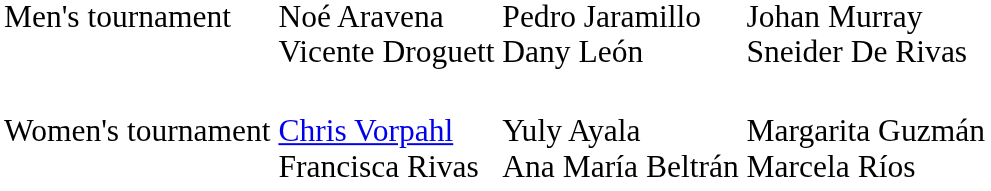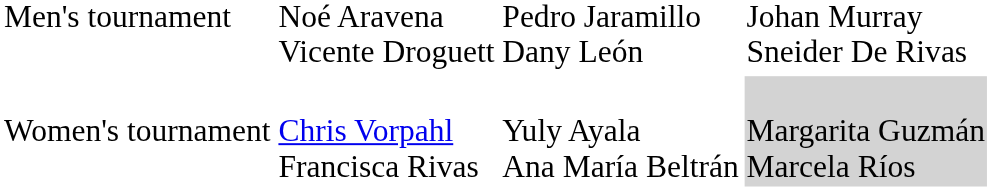 <table>
 <tr>
 <td>Men's tournament</td>
 <td nowrap><br>Noé Aravena<br>Vicente Droguett</td>
 <td><br>Pedro Jaramillo<br>Dany León</td>
 <td><br>Johan Murray<br>Sneider De Rivas</td>
 </tr>
 <tr>
 <td nowrap>Women's tournament</td>
 <td><br><a href='#'>Chris Vorpahl</a><br>Francisca Rivas</td>
 <td nowrap><br>Yuly Ayala<br>Ana María Beltrán</td>
-<td nowrap><br>Margarita Guzmán<br>Marcela Ríos</td>
+<td nowrap style="background: lightgrey;"><br>Margarita Guzmán<br>Marcela Ríos</td>
 </tr>
 </table>
